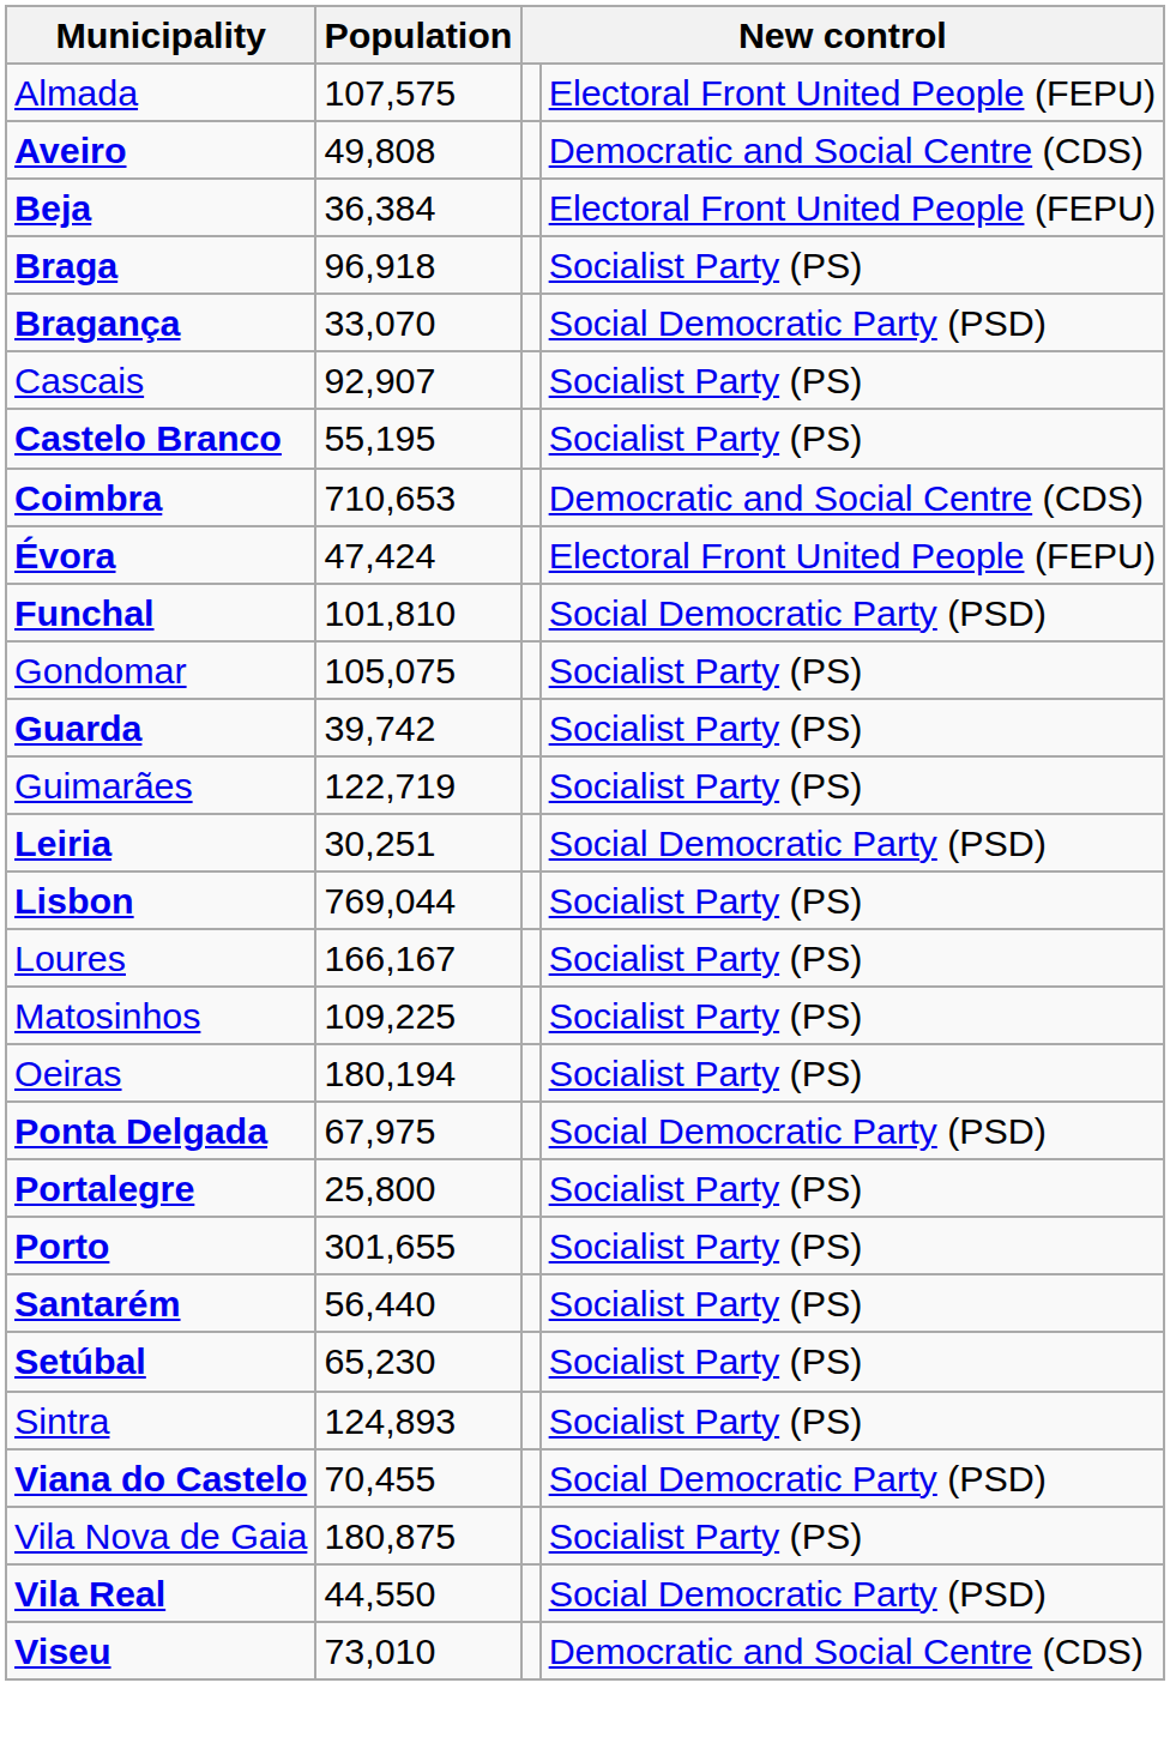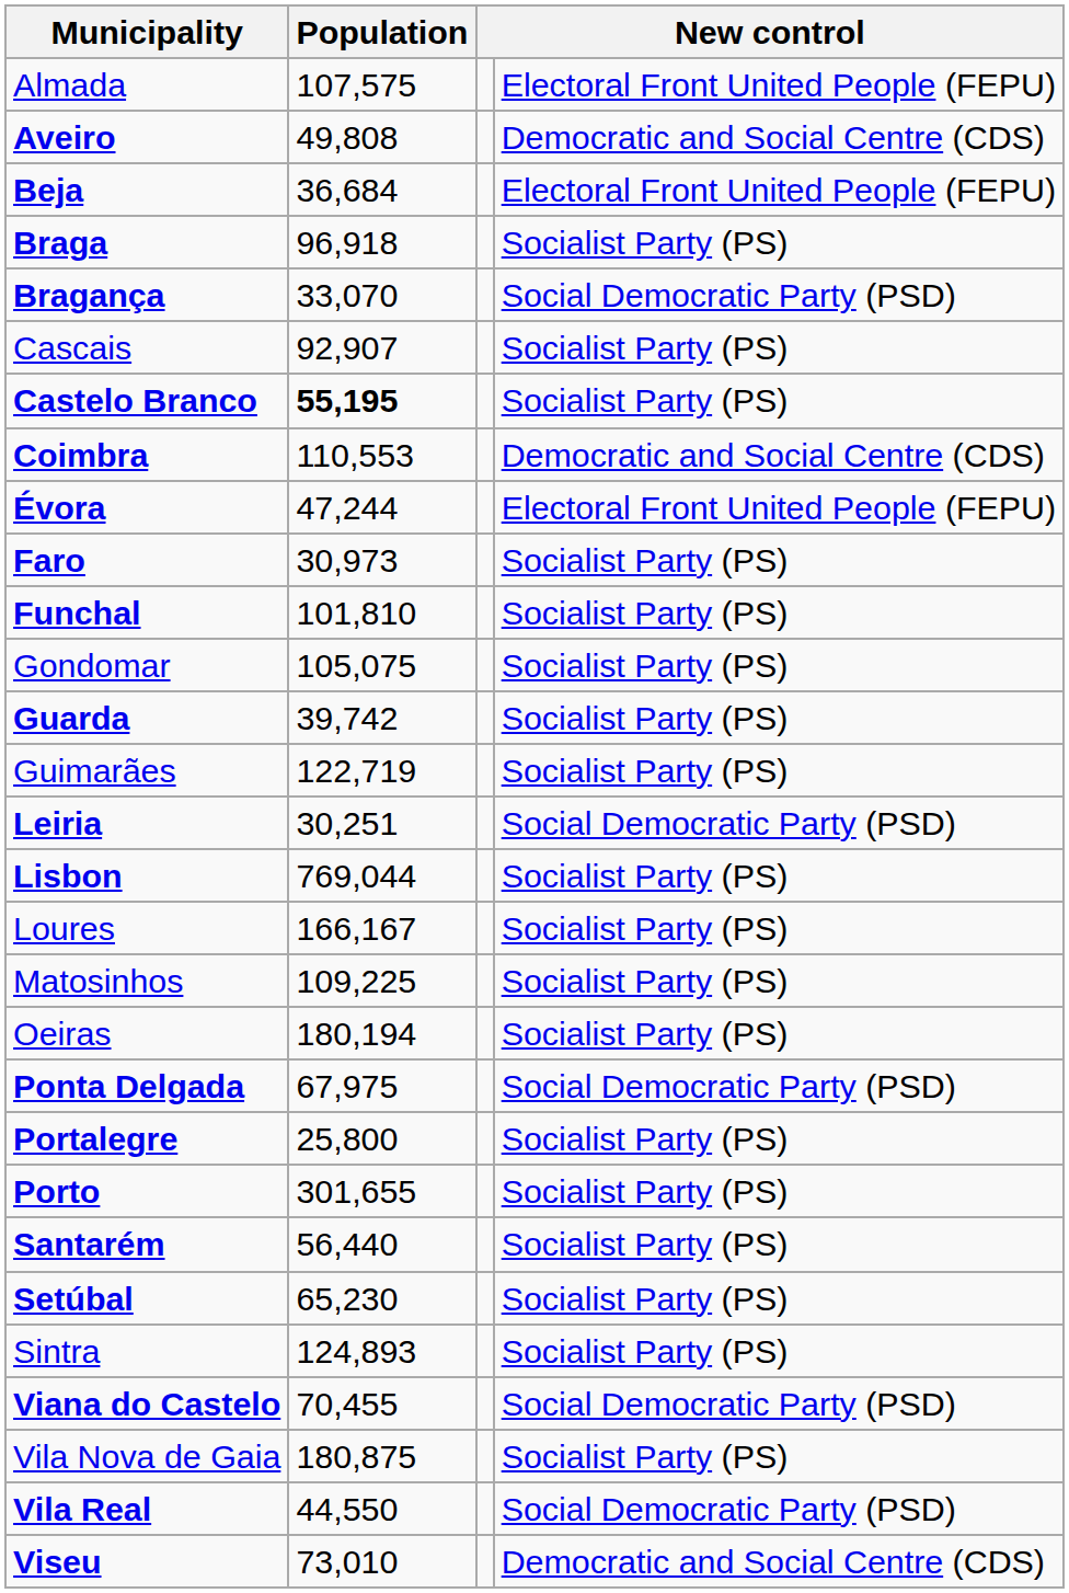 <table class="wikitable sortable" style="font-size:95%;">
 <tr>
 <th>Municipality</th>
 <th>Population</th>
 <th colspan="2" style="width:200px;">New control</th>
 </tr>
 <tr>
 <td><a href='#'>Almada</a></td>
 <td>107,575</td>
 <td width="1" style="color:inherit;background:"></td>
 <td><a href='#'>Electoral Front United People</a> (FEPU)</td>
 </tr>
 <tr>
 <td><a href='#'><strong>Aveiro</strong></a></td>
 <td>49,808</td>
 <td width="1" style="color:inherit;background:"></td>
 <td><a href='#'>Democratic and Social Centre</a> (CDS)</td>
 </tr>
 <tr>
 <td><a href='#'><strong>Beja</strong></a></td>
-<td>36,384</td>
+<td>36,684</td>
 <td width="1" style="color:inherit;background:"></td>
 <td><a href='#'>Electoral Front United People</a> (FEPU)</td>
 </tr>
 <tr>
 <td><strong><a href='#'>Braga</a></strong></td>
 <td>96,918</td>
 <td width="1" style="color:inherit;background:"></td>
 <td><a href='#'>Socialist Party</a> (PS)</td>
 </tr>
 <tr>
 <td><a href='#'><strong>Bragança</strong></a></td>
 <td>33,070</td>
 <td width="1" style="color:inherit;background:"></td>
 <td><a href='#'>Social Democratic Party</a> (PSD)</td>
 </tr>
 <tr>
 <td><a href='#'>Cascais</a></td>
 <td>92,907</td>
 <td width="1" style="color:inherit;background:"></td>
 <td><a href='#'>Socialist Party</a> (PS)</td>
 </tr>
 <tr>
 <td><a href='#'><strong>Castelo Branco</strong></a></td>
-<td>55,195</td>
+<td><strong>55,195</strong></td>
 <td width="1" style="color:inherit;background:"></td>
 <td><a href='#'>Socialist Party</a> (PS)</td>
 </tr>
 <tr>
 <td><strong><a href='#'>Coimbra</a></strong></td>
-<td>710,653</td>
+<td>110,553</td>
 <td width="1" style="color:inherit;background:"></td>
 <td><a href='#'>Democratic and Social Centre</a> (CDS)</td>
 </tr>
 <tr>
 <td><strong><a href='#'>Évora</a></strong></td>
-<td>47,424</td>
+<td>47,244</td>
 <td width="1" style="color:inherit;background:"></td>
 <td><a href='#'>Electoral Front United People</a> (FEPU)</td>
+</tr>
+<tr>
+<td><a href='#'><strong>Faro</strong></a></td>
+<td>30,973</td>
+<td width="1" style="color:inherit;background:"></td>
+<td><a href='#'>Socialist Party</a> (PS)</td>
 </tr>
 <tr>
 <td><strong><a href='#'>Funchal</a></strong></td>
 <td>101,810</td>
 <td width="1" style="color:inherit;background:"></td>
-<td><a href='#'>Social Democratic Party</a> (PSD)</td>
+<td><a href='#'>Socialist Party</a> (PS)</td>
 </tr>
 <tr>
 <td><a href='#'>Gondomar</a></td>
 <td>105,075</td>
 <td width="1" style="color:inherit;background:"></td>
 <td><a href='#'>Socialist Party</a> (PS)</td>
 </tr>
 <tr>
 <td><a href='#'><strong>Guarda</strong></a></td>
 <td>39,742</td>
 <td width="1" style="color:inherit;background:"></td>
 <td><a href='#'>Socialist Party</a> (PS)</td>
 </tr>
 <tr>
 <td><a href='#'>Guimarães</a></td>
 <td>122,719</td>
 <td width="1" style="color:inherit;background:"></td>
 <td><a href='#'>Socialist Party</a> (PS)</td>
 </tr>
 <tr>
 <td><strong><a href='#'>Leiria</a></strong></td>
 <td>30,251</td>
 <td width="1" style="color:inherit;background:"></td>
 <td><a href='#'>Social Democratic Party</a> (PSD)</td>
 </tr>
 <tr>
 <td><strong><a href='#'>Lisbon</a></strong></td>
 <td>769,044</td>
 <td width="1" style="color:inherit;background:"></td>
 <td><a href='#'>Socialist Party</a> (PS)</td>
 </tr>
 <tr>
 <td><a href='#'>Loures</a></td>
 <td>166,167</td>
 <td width="1" style="color:inherit;background:"></td>
 <td><a href='#'>Socialist Party</a> (PS)</td>
 </tr>
 <tr>
 <td><a href='#'>Matosinhos</a></td>
 <td>109,225</td>
 <td width="1" style="color:inherit;background:"></td>
 <td><a href='#'>Socialist Party</a> (PS)</td>
 </tr>
 <tr>
 <td><a href='#'>Oeiras</a></td>
 <td>180,194</td>
 <td width="1" style="color:inherit;background:"></td>
 <td><a href='#'>Socialist Party</a> (PS)</td>
 </tr>
 <tr>
 <td><strong><a href='#'>Ponta Delgada</a></strong></td>
 <td>67,975</td>
 <td width="1" style="color:inherit;background:"></td>
 <td><a href='#'>Social Democratic Party</a> (PSD)</td>
 </tr>
 <tr>
 <td><a href='#'><strong>Portalegre</strong></a></td>
 <td>25,800</td>
 <td width="1" style="color:inherit;background:"></td>
 <td><a href='#'>Socialist Party</a> (PS)</td>
 </tr>
 <tr>
 <td><strong><a href='#'>Porto</a></strong></td>
 <td>301,655</td>
 <td width="1" style="color:inherit;background:"></td>
 <td><a href='#'>Socialist Party</a> (PS)</td>
 </tr>
 <tr>
 <td><a href='#'><strong>Santarém</strong></a></td>
 <td>56,440</td>
 <td width="1" style="color:inherit;background:"></td>
 <td><a href='#'>Socialist Party</a> (PS)</td>
 </tr>
 <tr>
 <td><strong><a href='#'>Setúbal</a></strong></td>
 <td>65,230</td>
 <td width="1" style="color:inherit;background:"></td>
 <td><a href='#'>Socialist Party</a> (PS)</td>
 </tr>
 <tr>
 <td><a href='#'>Sintra</a></td>
 <td>124,893</td>
 <td width="1" style="color:inherit;background:"></td>
 <td><a href='#'>Socialist Party</a> (PS)</td>
 </tr>
 <tr>
 <td><strong><a href='#'>Viana do Castelo</a></strong></td>
 <td>70,455</td>
 <td width="1" style="color:inherit;background:"></td>
 <td><a href='#'>Social Democratic Party</a> (PSD)</td>
 </tr>
 <tr>
 <td><a href='#'>Vila Nova de Gaia</a></td>
 <td>180,875</td>
 <td width="1" style="color:inherit;background:"></td>
 <td><a href='#'>Socialist Party</a> (PS)</td>
 </tr>
 <tr>
 <td><strong><a href='#'>Vila Real</a></strong></td>
 <td>44,550</td>
 <td width="1" style="color:inherit;background:"></td>
 <td><a href='#'>Social Democratic Party</a> (PSD)</td>
 </tr>
 <tr>
 <td><strong><a href='#'>Viseu</a></strong></td>
 <td>73,010</td>
 <td width="1" style="color:inherit;background:"></td>
 <td><a href='#'>Democratic and Social Centre</a> (CDS)</td>
 </tr>
 </table>
